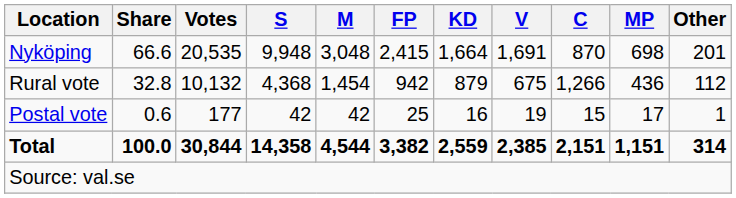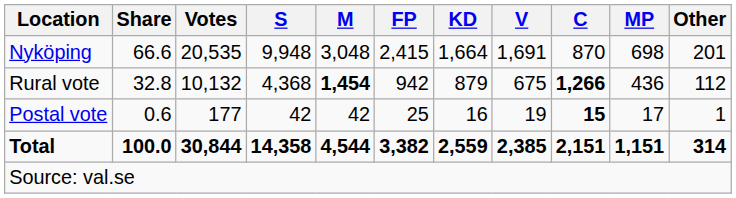 <table class="wikitable sortable" style=text-align:right>
 <tr>
 <th>Location</th>
 <th>Share</th>
 <th>Votes</th>
 <th><a href='#'>S</a></th>
 <th><a href='#'>M</a></th>
 <th><a href='#'>FP</a></th>
 <th><a href='#'>KD</a></th>
 <th><a href='#'>V</a></th>
 <th><a href='#'>C</a></th>
 <th><a href='#'>MP</a></th>
 <th>Other</th>
 </tr>
 <tr>
 <td align=left><a href='#'>Nyköping</a></td>
 <td>66.6</td>
 <td>20,535</td>
 <td>9,948</td>
 <td>3,048</td>
 <td>2,415</td>
 <td>1,664</td>
 <td>1,691</td>
 <td>870</td>
 <td>698</td>
 <td>201</td>
 </tr>
 <tr>
 <td align=left>Rural vote</td>
 <td>32.8</td>
 <td>10,132</td>
 <td>4,368</td>
-<td>1,454</td>
+<td><strong>1,454</strong></td>
 <td>942</td>
 <td>879</td>
 <td>675</td>
-<td>1,266</td>
+<td><strong>1,266</strong></td>
 <td>436</td>
 <td>112</td>
 </tr>
 <tr>
 <td align=left><a href='#'>Postal vote</a></td>
 <td>0.6</td>
 <td>177</td>
 <td>42</td>
 <td>42</td>
 <td>25</td>
 <td>16</td>
 <td>19</td>
-<td>15</td>
+<td><strong>15</strong></td>
 <td>17</td>
 <td>1</td>
 </tr>
 <tr>
 <td align=left><strong>Total</strong></td>
 <td><strong>100.0</strong></td>
 <td><strong>30,844</strong></td>
 <td><strong>14,358</strong></td>
 <td><strong>4,544</strong></td>
 <td><strong>3,382</strong></td>
 <td><strong>2,559</strong></td>
 <td><strong>2,385</strong></td>
 <td><strong>2,151</strong></td>
 <td><strong>1,151</strong></td>
 <td><strong>314</strong></td>
 </tr>
 <tr>
 <td align=left colspan=11>Source: val.se </td>
 </tr>
 </table>
